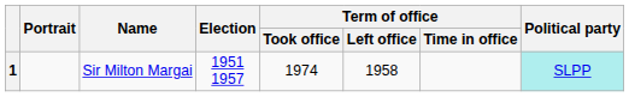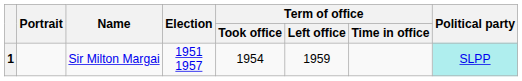 <table class="wikitable" style="text-align:center">
 <tr>
 <th rowspan="2"></th>
 <th rowspan="2">Portrait</th>
 <th rowspan="2">Name<br></th>
 <th rowspan="2">Election</th>
 <th colspan="3">Term of office</th>
 <th rowspan="2">Political party</th>
 </tr>
 <tr>
 <th>Took office</th>
 <th>Left office</th>
 <th>Time in office</th>
 </tr>
 <tr>
 <th style="background:">1</th>
 <td></td>
 <td><a href='#'>Sir Milton Margai</a><br></td>
 <td><a href='#'>1951</a><br><a href='#'>1957</a></td>
-<td> 1974</td>
-<td> 1958</td>
+<td> 1954</td>
+<td> 1959</td>
 <td></td>
 <td style="background: paleturquoise;"><a href='#'>SLPP</a></td>
 </tr>
 </table>
